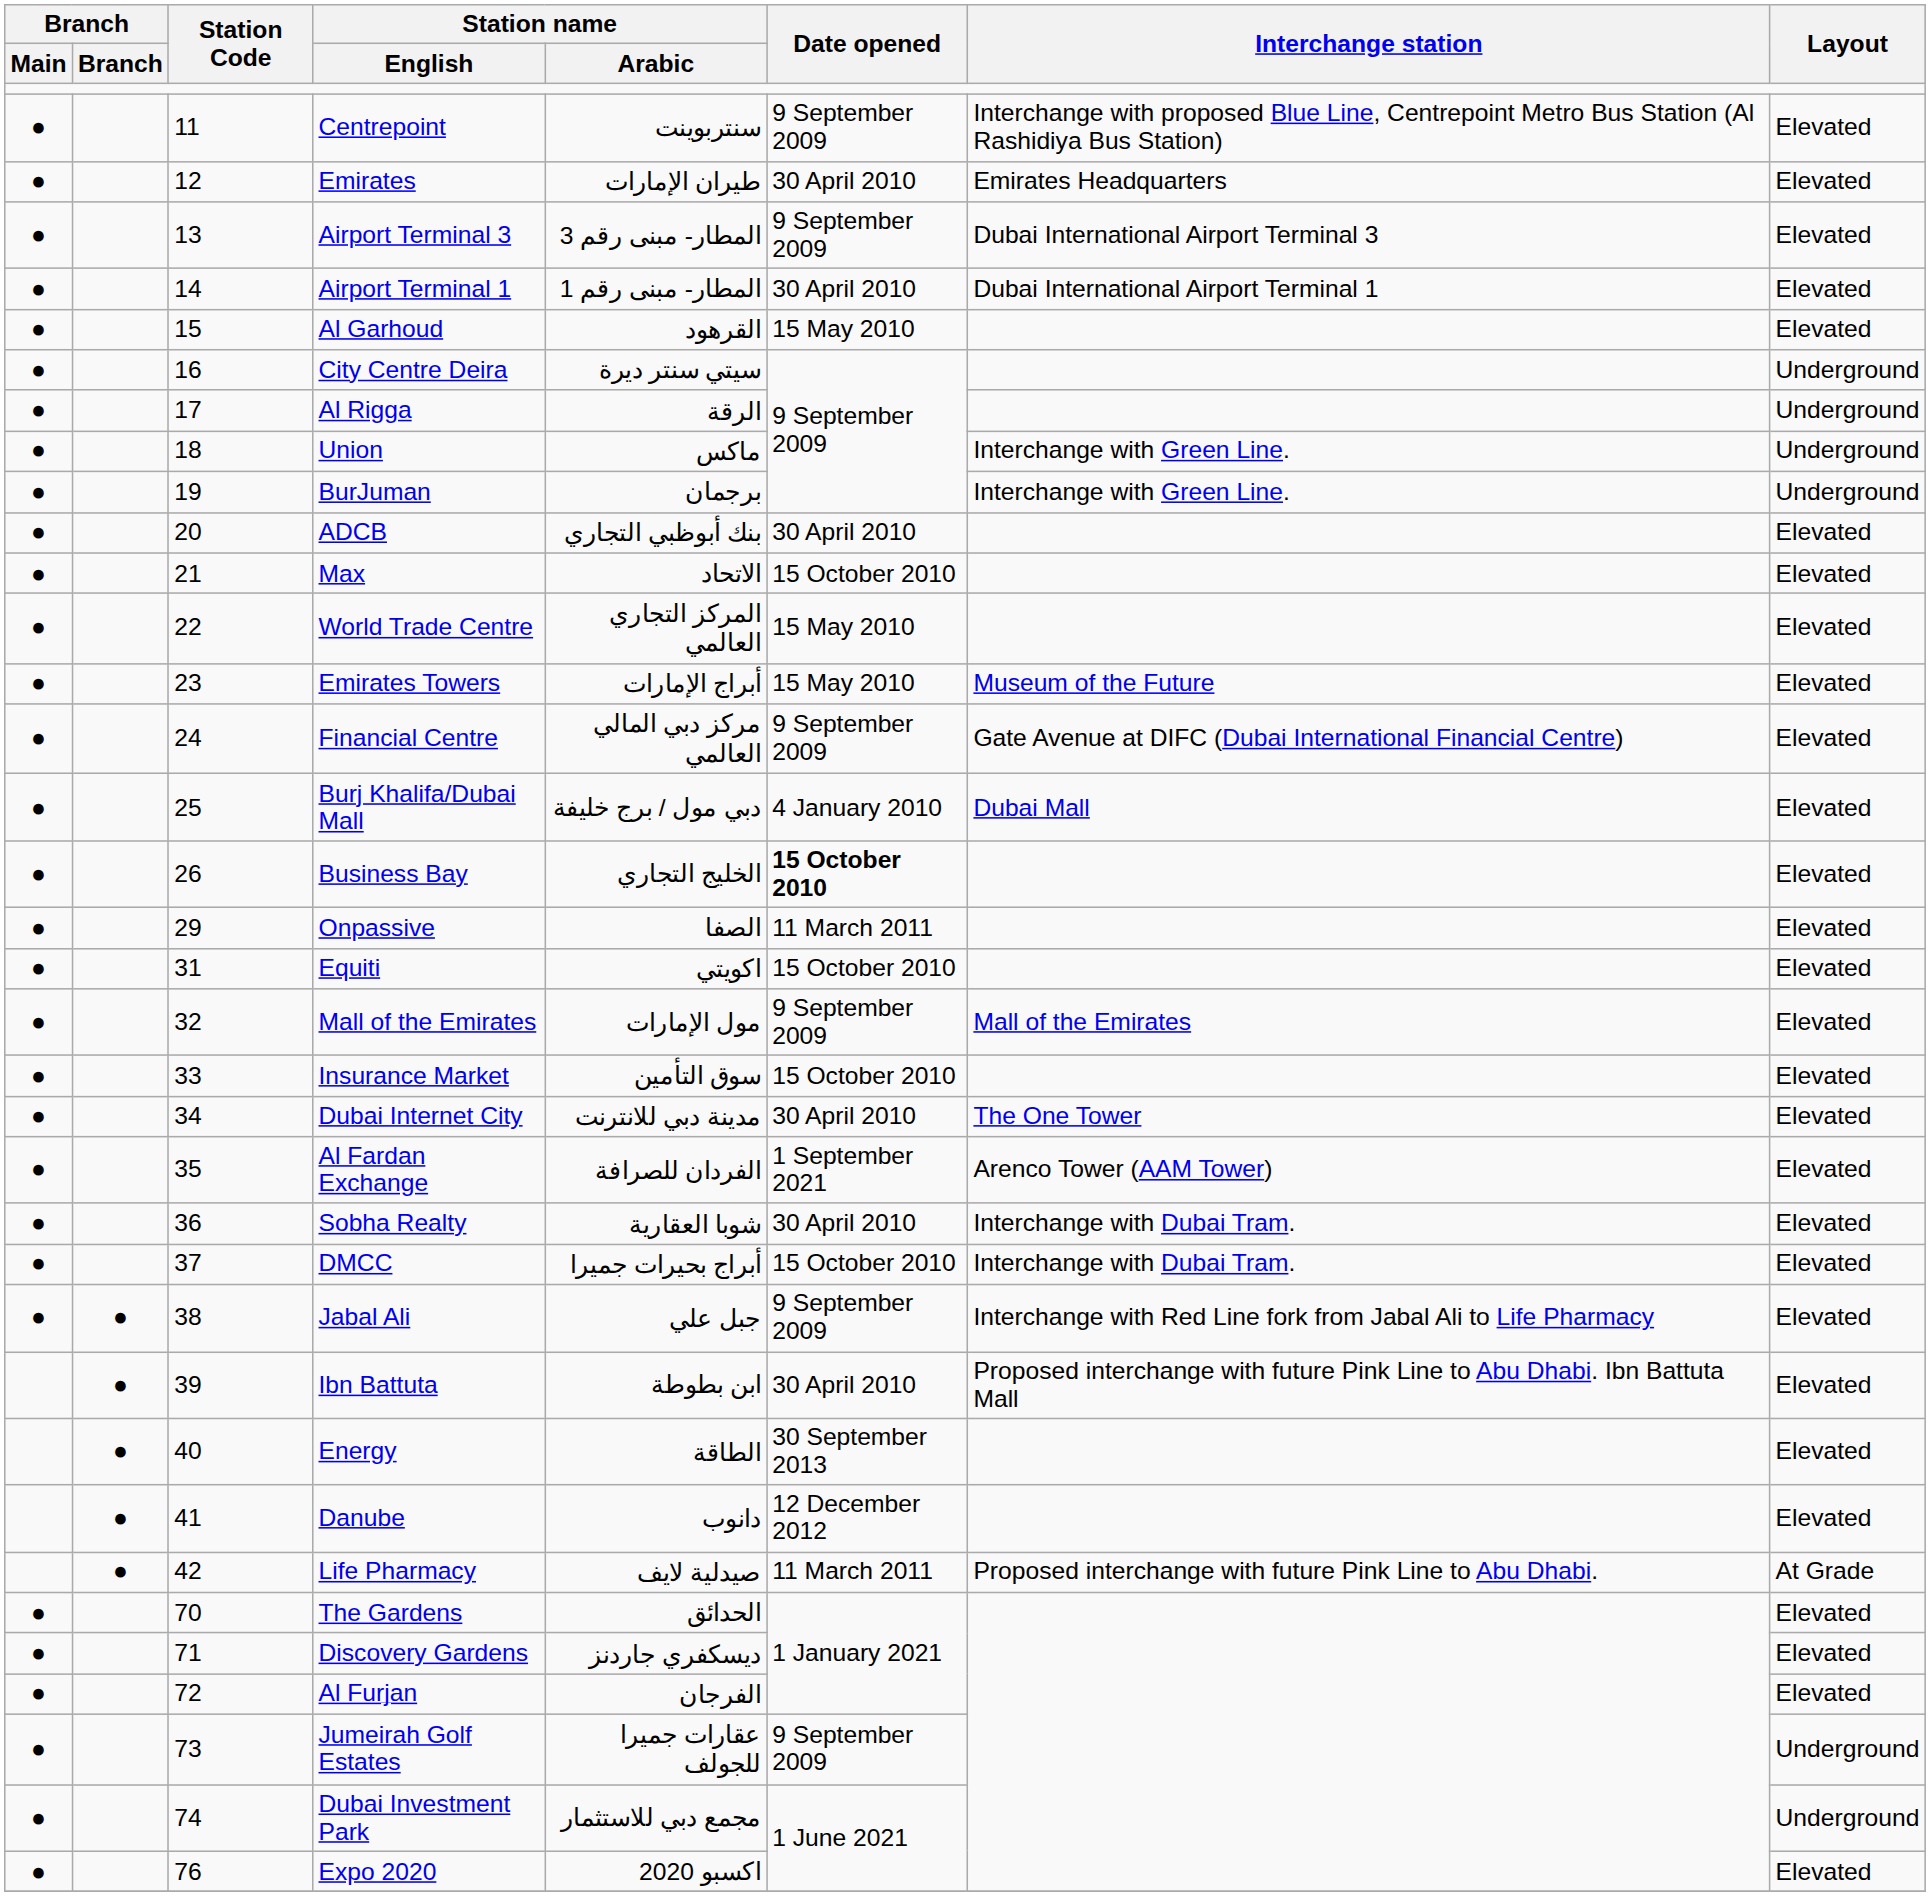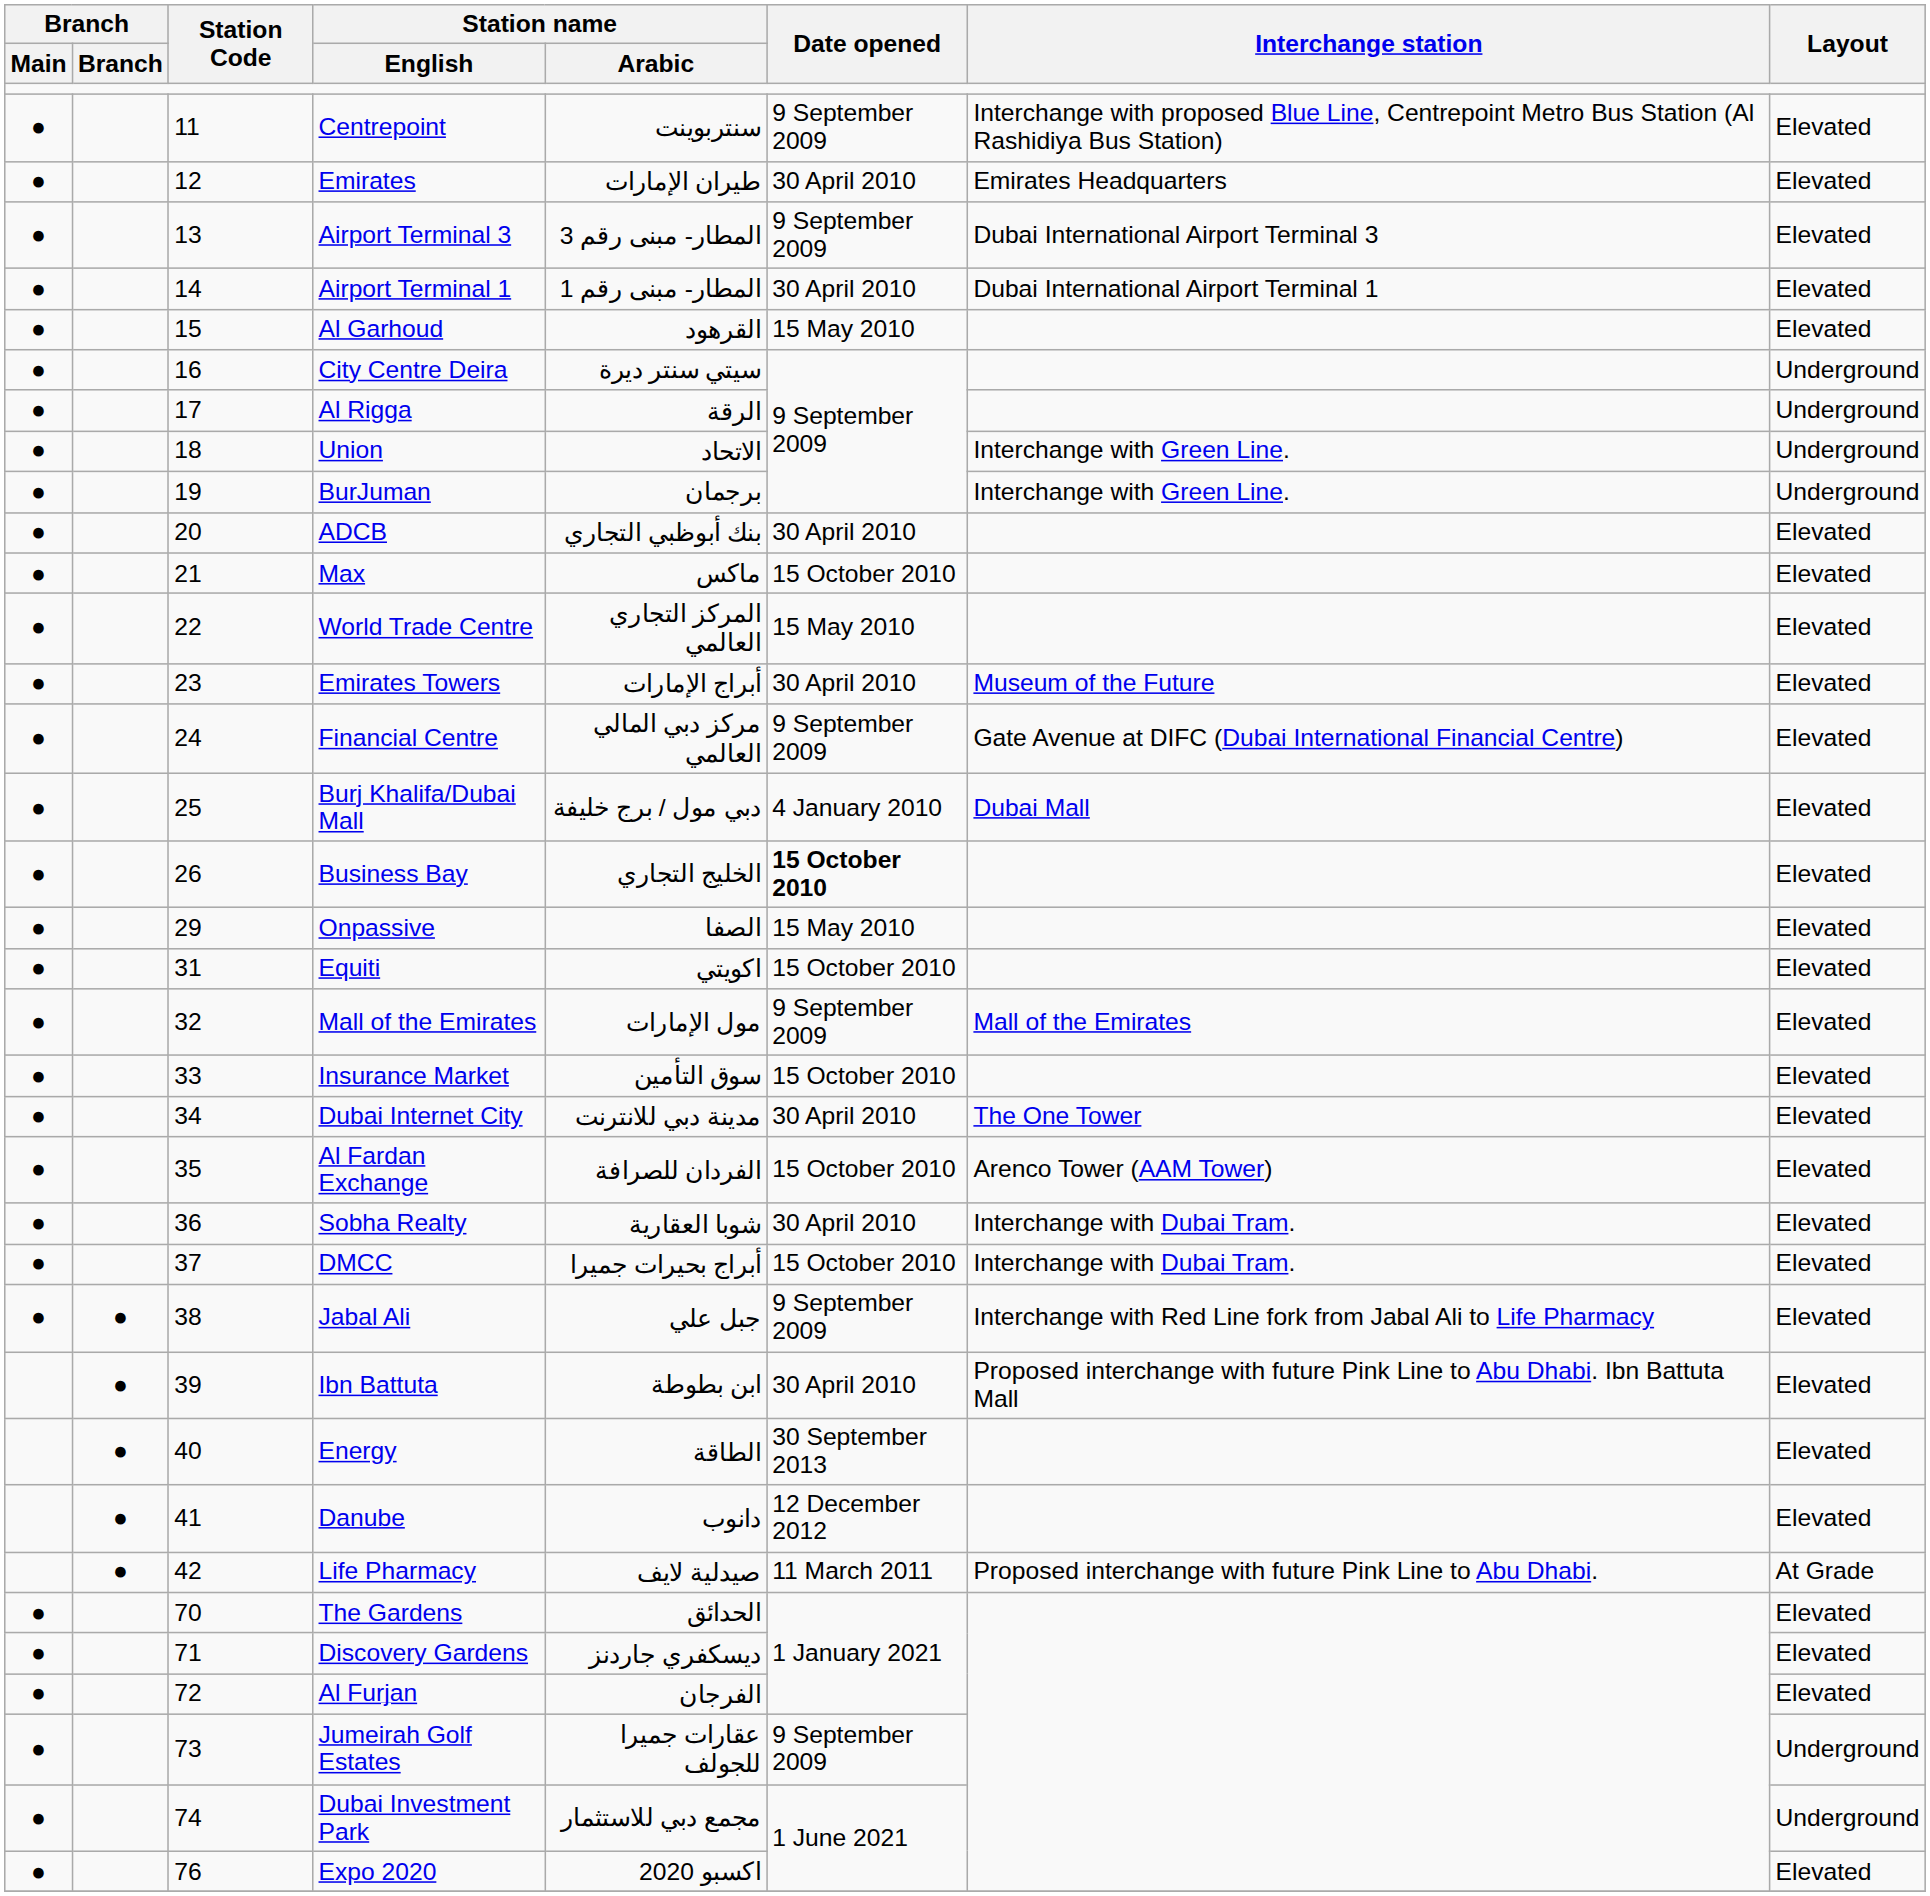 <table class="wikitable">
 <tr>
 <th colspan="2">Branch</th>
 <th rowspan="2">Station Code</th>
 <th colspan="2">Station name</th>
 <th rowspan="2">Date opened</th>
 <th rowspan="2"><a href='#'>Interchange station</a></th>
 <th rowspan="2">Layout</th>
 </tr>
 <tr>
 <th>Main</th>
 <th>Branch</th>
 <th>English</th>
 <th>Arabic</th>
 </tr>
 <tr>
 <td colspan="9"></td>
 </tr>
 <tr>
 <td align= "center">●</td>
 <td align= "center"></td>
 <td>11</td>
 <td><a href='#'>Centrepoint</a></td>
 <td align = "right">سنتربوينت</td>
 <td>9 September 2009</td>
 <td>Interchange with proposed <a href='#'>Blue Line</a>, Centrepoint Metro Bus Station (Al Rashidiya Bus Station)</td>
 <td>Elevated</td>
 </tr>
 <tr>
 <td align= "center">●</td>
 <td align= "center"></td>
 <td>12</td>
 <td><a href='#'>Emirates</a></td>
 <td align = "right">طيران الإمارات</td>
 <td>30 April 2010</td>
 <td>Emirates Headquarters</td>
 <td>Elevated</td>
 </tr>
 <tr>
 <td align= "center">●</td>
 <td align= "center"></td>
 <td>13</td>
 <td><a href='#'>Airport Terminal 3</a></td>
 <td align = "right">المطار- مبنى رقم 3</td>
 <td>9 September 2009</td>
 <td>Dubai International Airport Terminal 3</td>
 <td>Elevated</td>
 </tr>
 <tr>
 <td align= "center">●</td>
 <td align= "center"></td>
 <td>14</td>
 <td><a href='#'>Airport Terminal 1</a></td>
 <td align = "right">المطار- مبنى رقم 1</td>
 <td>30 April 2010</td>
 <td>Dubai International Airport Terminal 1</td>
 <td>Elevated</td>
 </tr>
 <tr>
 <td align= "center">●</td>
 <td align= "center"></td>
 <td>15</td>
 <td><a href='#'>Al Garhoud</a></td>
 <td align = "right">القرهود</td>
 <td>15 May 2010</td>
 <td></td>
 <td>Elevated</td>
 </tr>
 <tr>
 <td align= "center">●</td>
 <td align= "center"></td>
 <td>16</td>
 <td><a href='#'>City Centre Deira</a></td>
 <td align = "right">سيتي سنتر ديرة</td>
 <td rowspan="4">9 September 2009</td>
 <td></td>
 <td>Underground</td>
 </tr>
 <tr>
 <td align= "center">●</td>
 <td align= "center"></td>
 <td>17</td>
 <td><a href='#'>Al Rigga</a></td>
 <td align = "right">الرقة</td>
 <td></td>
 <td>Underground</td>
 </tr>
 <tr>
 <td align= "center">●</td>
 <td align= "center"></td>
 <td>18</td>
 <td><a href='#'>Union</a></td>
-<td align="right">ماكس</td>
+<td align = "right">الاتحاد</td>
 <td>Interchange with <a href='#'>Green Line</a>.</td>
 <td>Underground</td>
 </tr>
 <tr>
 <td align= "center">●</td>
 <td align= "center"></td>
 <td>19</td>
 <td><a href='#'>BurJuman</a></td>
 <td align = "right">برجمان</td>
 <td>Interchange with <a href='#'>Green Line</a>.</td>
 <td>Underground</td>
 </tr>
 <tr>
 <td align= "center">●</td>
 <td align= "center"></td>
 <td>20</td>
 <td><a href='#'>ADCB</a></td>
 <td align = "right">بنك أبوظبي التجاري</td>
 <td>30 April 2010</td>
 <td></td>
 <td>Elevated</td>
 </tr>
 <tr>
 <td align= "center">●</td>
 <td align= "center"></td>
 <td>21</td>
 <td><a href='#'>Max</a></td>
-<td align = "right">الاتحاد</td>
+<td align="right">ماكس</td>
 <td>15 October 2010</td>
 <td></td>
 <td>Elevated</td>
 </tr>
 <tr>
 <td align= "center">●</td>
 <td align= "center"></td>
 <td>22</td>
 <td><a href='#'>World Trade Centre</a></td>
 <td align = "right">المركز التجاري العالمي</td>
 <td>15 May 2010</td>
 <td></td>
 <td>Elevated</td>
 </tr>
 <tr>
 <td align= "center">●</td>
 <td align= "center"></td>
 <td>23</td>
 <td><a href='#'>Emirates Towers</a></td>
 <td align = "right">أبراج الإمارات</td>
-<td>15 May 2010</td>
+<td>30 April 2010</td>
 <td><a href='#'>Museum of the Future</a></td>
 <td>Elevated</td>
 </tr>
 <tr>
 <td align= "center">●</td>
 <td align= "center"></td>
 <td>24</td>
 <td><a href='#'>Financial Centre</a></td>
 <td align = "right">مركز دبي المالي العالمي</td>
 <td>9 September 2009</td>
 <td>Gate Avenue at DIFC (<a href='#'>Dubai International Financial Centre</a>)</td>
 <td>Elevated</td>
 </tr>
 <tr>
 <td align= "center">●</td>
 <td align= "center"></td>
 <td>25</td>
 <td><a href='#'>Burj Khalifa/Dubai Mall</a></td>
 <td align = "right">دبي مول / برج خليفة</td>
 <td>4 January 2010</td>
 <td><a href='#'>Dubai Mall</a></td>
 <td>Elevated</td>
 </tr>
 <tr>
 <td align= "center">●</td>
 <td align= "center"></td>
 <td>26</td>
 <td><a href='#'>Business Bay</a></td>
 <td align = "right">الخليج التجاري</td>
 <td><strong>15 October 2010</strong></td>
 <td></td>
 <td>Elevated</td>
 </tr>
 <tr>
 <td align= "center">●</td>
 <td align= "center"></td>
 <td>29</td>
 <td><a href='#'>Onpassive</a></td>
 <td align = "right">الصفا</td>
-<td>11 March 2011</td>
+<td>15 May 2010</td>
 <td></td>
 <td>Elevated</td>
 </tr>
 <tr>
 <td align= "center">●</td>
 <td align= "center"></td>
 <td>31</td>
 <td><a href='#'>Equiti</a></td>
 <td align = "right">اكويتي</td>
 <td>15 October 2010</td>
 <td></td>
 <td>Elevated</td>
 </tr>
 <tr>
 <td align= "center">●</td>
 <td align= "center"></td>
 <td>32</td>
 <td><a href='#'>Mall of the Emirates</a></td>
 <td align = "right">مول الإمارات</td>
 <td>9 September 2009</td>
 <td><a href='#'>Mall of the Emirates</a></td>
 <td>Elevated</td>
 </tr>
 <tr>
 <td align= "center">●</td>
 <td align= "center"></td>
 <td>33</td>
 <td><a href='#'>Insurance Market</a></td>
 <td align = "right">سوق التأمين</td>
 <td>15 October 2010</td>
 <td></td>
 <td>Elevated</td>
 </tr>
 <tr>
 <td align= "center">●</td>
 <td align= "center"></td>
 <td>34</td>
 <td><a href='#'>Dubai Internet City</a></td>
 <td align = "right">مدينة دبي للانترنت</td>
 <td>30 April 2010</td>
 <td><a href='#'>The One Tower</a></td>
 <td>Elevated</td>
 </tr>
 <tr>
 <td align= "center">●</td>
 <td align= "center"></td>
 <td>35</td>
 <td><a href='#'>Al Fardan Exchange</a></td>
 <td align = "right">الفردان للصرافة</td>
-<td>1 September 2021</td>
+<td>15 October 2010</td>
 <td>Arenco Tower (<a href='#'>AAM Tower</a>)</td>
 <td>Elevated</td>
 </tr>
 <tr>
 <td align= "center">●</td>
 <td align= "center"></td>
 <td>36</td>
 <td><a href='#'>Sobha Realty</a></td>
 <td align="right">شوبا العقارية</td>
 <td>30 April 2010</td>
 <td>Interchange with <a href='#'>Dubai Tram</a>.</td>
 <td>Elevated</td>
 </tr>
 <tr>
 <td align= "center">●</td>
 <td align= "center"></td>
 <td>37</td>
 <td><a href='#'>DMCC</a></td>
 <td align = "right">أبراج بحيرات جميرا</td>
 <td>15 October 2010</td>
 <td>Interchange with <a href='#'>Dubai Tram</a>.</td>
 <td>Elevated</td>
 </tr>
 <tr>
 <td align= "center">●</td>
 <td align= "center">●</td>
 <td>38</td>
 <td><a href='#'>Jabal Ali</a></td>
 <td align = "right">جبل علي</td>
 <td>9 September 2009</td>
 <td>Interchange with Red Line fork from Jabal Ali to <a href='#'>Life Pharmacy</a></td>
 <td>Elevated</td>
 </tr>
 <tr>
 <td align= "center"></td>
 <td align= "center">●</td>
 <td>39</td>
 <td><a href='#'>Ibn Battuta</a></td>
 <td align = "right">ابن بطوطة</td>
 <td>30 April 2010</td>
 <td>Proposed interchange with future Pink Line to <a href='#'>Abu Dhabi</a>. Ibn Battuta Mall</td>
 <td>Elevated</td>
 </tr>
 <tr>
 <td align= "center"></td>
 <td align= "center">●</td>
 <td>40</td>
 <td><a href='#'>Energy</a></td>
 <td align = "right">الطاقة</td>
 <td>30 September 2013</td>
 <td></td>
 <td>Elevated</td>
 </tr>
 <tr>
 <td align= "center"></td>
 <td align= "center">●</td>
 <td>41</td>
 <td><a href='#'>Danube</a></td>
 <td align = "right">دانوب</td>
 <td>12 December 2012</td>
 <td></td>
 <td>Elevated</td>
 </tr>
 <tr>
 <td align= "center"></td>
 <td align= "center">●</td>
 <td>42</td>
 <td><a href='#'>Life Pharmacy</a></td>
 <td align = "right">صيدلية لايف</td>
 <td>11 March 2011</td>
 <td>Proposed interchange with future  Pink Line to <a href='#'>Abu Dhabi</a>.</td>
 <td>At Grade</td>
 </tr>
 <tr>
 <td align="center">●</td>
 <td align="center"></td>
 <td>70</td>
 <td><a href='#'>The Gardens</a></td>
 <td align="right">الحدائق</td>
 <td rowspan="3">1 January 2021</td>
 <td rowspan="6"></td>
 <td>Elevated</td>
 </tr>
 <tr>
 <td align="center">●</td>
 <td align="center"></td>
 <td>71</td>
 <td><a href='#'>Discovery Gardens</a></td>
 <td align="right">ديسكفري جاردنز</td>
 <td>Elevated</td>
 </tr>
 <tr>
 <td align="center">●</td>
 <td align="center"></td>
 <td>72</td>
 <td><a href='#'>Al Furjan</a></td>
 <td align="right">الفرجان</td>
 <td>Elevated</td>
 </tr>
 <tr>
 <td align="center">●</td>
 <td align="center"></td>
 <td>73</td>
 <td><a href='#'>Jumeirah Golf Estates</a></td>
 <td align="right">عقارات جميرا للجولف</td>
 <td>9 September 2009</td>
 <td>Underground</td>
 </tr>
 <tr>
 <td align="center">●</td>
 <td align="center"></td>
 <td>74</td>
 <td><a href='#'>Dubai Investment Park</a></td>
 <td align="right">مجمع دبي للاستثمار</td>
 <td rowspan="2">1 June 2021</td>
 <td>Underground</td>
 </tr>
 <tr>
 <td align="center">●</td>
 <td align="center"></td>
 <td>76</td>
 <td><a href='#'>Expo 2020</a></td>
 <td align="right">2020 اكسبو</td>
 <td>Elevated</td>
 </tr>
 <tr>
 </tr>
 </table>
